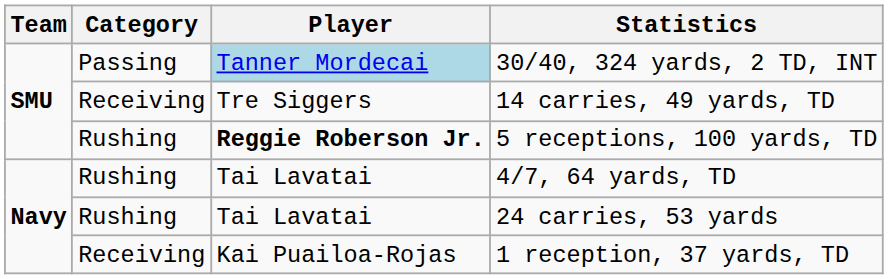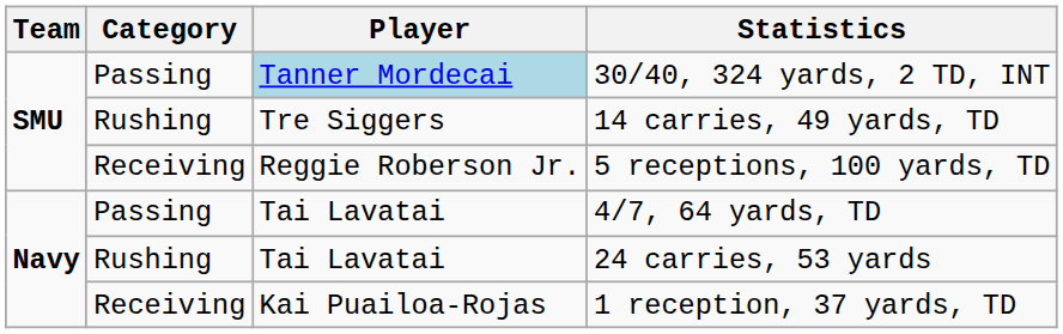 <table class="wikitable" style="float: left;">
 <tr>
 <th>Team</th>
 <th>Category</th>
 <th>Player</th>
 <th>Statistics</th>
 </tr>
 <tr>
 <td rowspan=3><strong>SMU</strong></td>
 <td>Passing</td>
 <td style="background: lightblue;"><a href='#'>Tanner Mordecai</a></td>
 <td>30/40, 324 yards, 2 TD, INT</td>
 </tr>
 <tr>
-<td>Receiving</td>
+<td>Rushing</td>
 <td>Tre Siggers</td>
 <td>14 carries, 49 yards, TD</td>
 </tr>
 <tr>
-<td>Rushing</td>
-<td><strong>Reggie Roberson Jr.</strong></td>
+<td>Receiving</td>
+<td>Reggie Roberson Jr.</td>
 <td>5 receptions, 100 yards, TD</td>
 </tr>
 <tr>
 <td rowspan=3><strong>Navy</strong></td>
-<td>Rushing</td>
+<td>Passing</td>
 <td>Tai Lavatai</td>
 <td>4/7, 64 yards, TD</td>
 </tr>
 <tr>
 <td>Rushing</td>
 <td>Tai Lavatai</td>
 <td>24 carries, 53 yards</td>
 </tr>
 <tr>
 <td>Receiving</td>
 <td>Kai Puailoa-Rojas</td>
 <td>1 reception, 37 yards, TD</td>
 </tr>
 </table>
